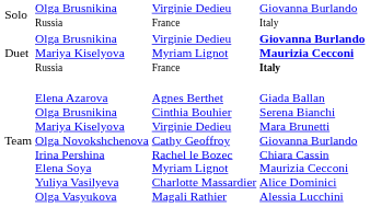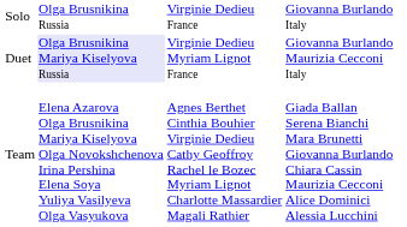 <table>
 <tr>
 <td>Solo</td>
 <td> <a href='#'>Olga Brusnikina</a><br><small>Russia</small></td>
 <td> <a href='#'>Virginie Dedieu</a><br><small>France</small></td>
 <td> <a href='#'>Giovanna Burlando</a><br><small>Italy</small></td>
 </tr>
 <tr>
 <td>Duet</td>
-<td> <a href='#'>Olga Brusnikina</a><br><a href='#'>Mariya Kiselyova</a><br><small>Russia</small></td>
+<td style="background: lavender;"> <a href='#'>Olga Brusnikina</a><br><a href='#'>Mariya Kiselyova</a><br><small>Russia</small></td>
 <td> <a href='#'>Virginie Dedieu</a><br><a href='#'>Myriam Lignot</a><br><small>France</small></td>
-<td><strong> <a href='#'>Giovanna Burlando</a><br><a href='#'>Maurizia Cecconi</a><br><small>Italy</small></strong></td>
+<td> <a href='#'>Giovanna Burlando</a><br><a href='#'>Maurizia Cecconi</a><br><small>Italy</small></td>
 </tr>
 <tr>
 <td>Team</td>
 <td><br><a href='#'>Elena Azarova</a><br><a href='#'>Olga Brusnikina</a><br><a href='#'>Mariya Kiselyova</a><br><a href='#'>Olga Novokshchenova</a><br><a href='#'>Irina Pershina</a><br><a href='#'>Elena Soya</a><br><a href='#'>Yuliya Vasilyeva</a><br><a href='#'>Olga Vasyukova</a></td>
 <td><br><a href='#'>Agnes Berthet</a><br><a href='#'>Cinthia Bouhier</a><br><a href='#'>Virginie Dedieu</a><br><a href='#'>Cathy Geoffroy</a><br><a href='#'>Rachel le Bozec</a><br><a href='#'>Myriam Lignot</a><br><a href='#'>Charlotte Massardier</a><br><a href='#'>Magali Rathier</a></td>
 <td><br><a href='#'>Giada Ballan</a><br><a href='#'>Serena Bianchi</a><br><a href='#'>Mara Brunetti</a><br><a href='#'>Giovanna Burlando</a><br><a href='#'>Chiara Cassin</a><br><a href='#'>Maurizia Cecconi</a><br><a href='#'>Alice Dominici</a><br><a href='#'>Alessia Lucchini</a></td>
 </tr>
 </table>
